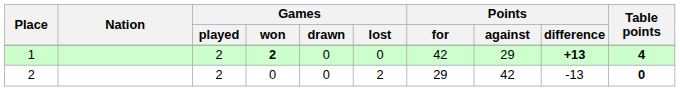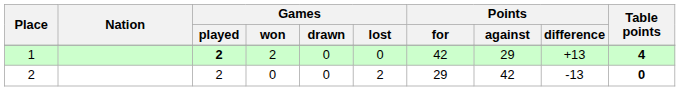 <table class="wikitable">
 <tr>
 <th rowspan=2 width="8%">Place</th>
 <th rowspan=2 width="20%">Nation</th>
 <th colspan=4 width="32%">Games</th>
 <th colspan=3 width="30%">Points</th>
 <th rowspan=2 width="10%">Table<br>points</th>
 </tr>
 <tr>
 <th width="8%">played</th>
 <th width="8%">won</th>
 <th width="8%">drawn</th>
 <th width="8%">lost</th>
 <th width="10%">for</th>
 <th width="10%">against</th>
 <th width="10%">difference</th>
 </tr>
 <tr>
 </tr>
 <tr bgcolor=#ccffcc align=center>
 <td>1</td>
 <td align=left></td>
+<td><strong>2</strong></td>
 <td>2</td>
-<td><strong>2</strong></td>
 <td>0</td>
 <td>0</td>
 <td>42</td>
 <td>29</td>
-<td><strong>+13</strong></td>
+<td>+13</td>
 <td><strong>4</strong></td>
 </tr>
 <tr bgcolor=#ffffff align=center>
 <td>2</td>
 <td align=left></td>
 <td>2</td>
 <td>0</td>
 <td>0</td>
 <td>2</td>
 <td>29</td>
 <td>42</td>
 <td>-13</td>
 <td><strong>0</strong></td>
 </tr>
 </table>
